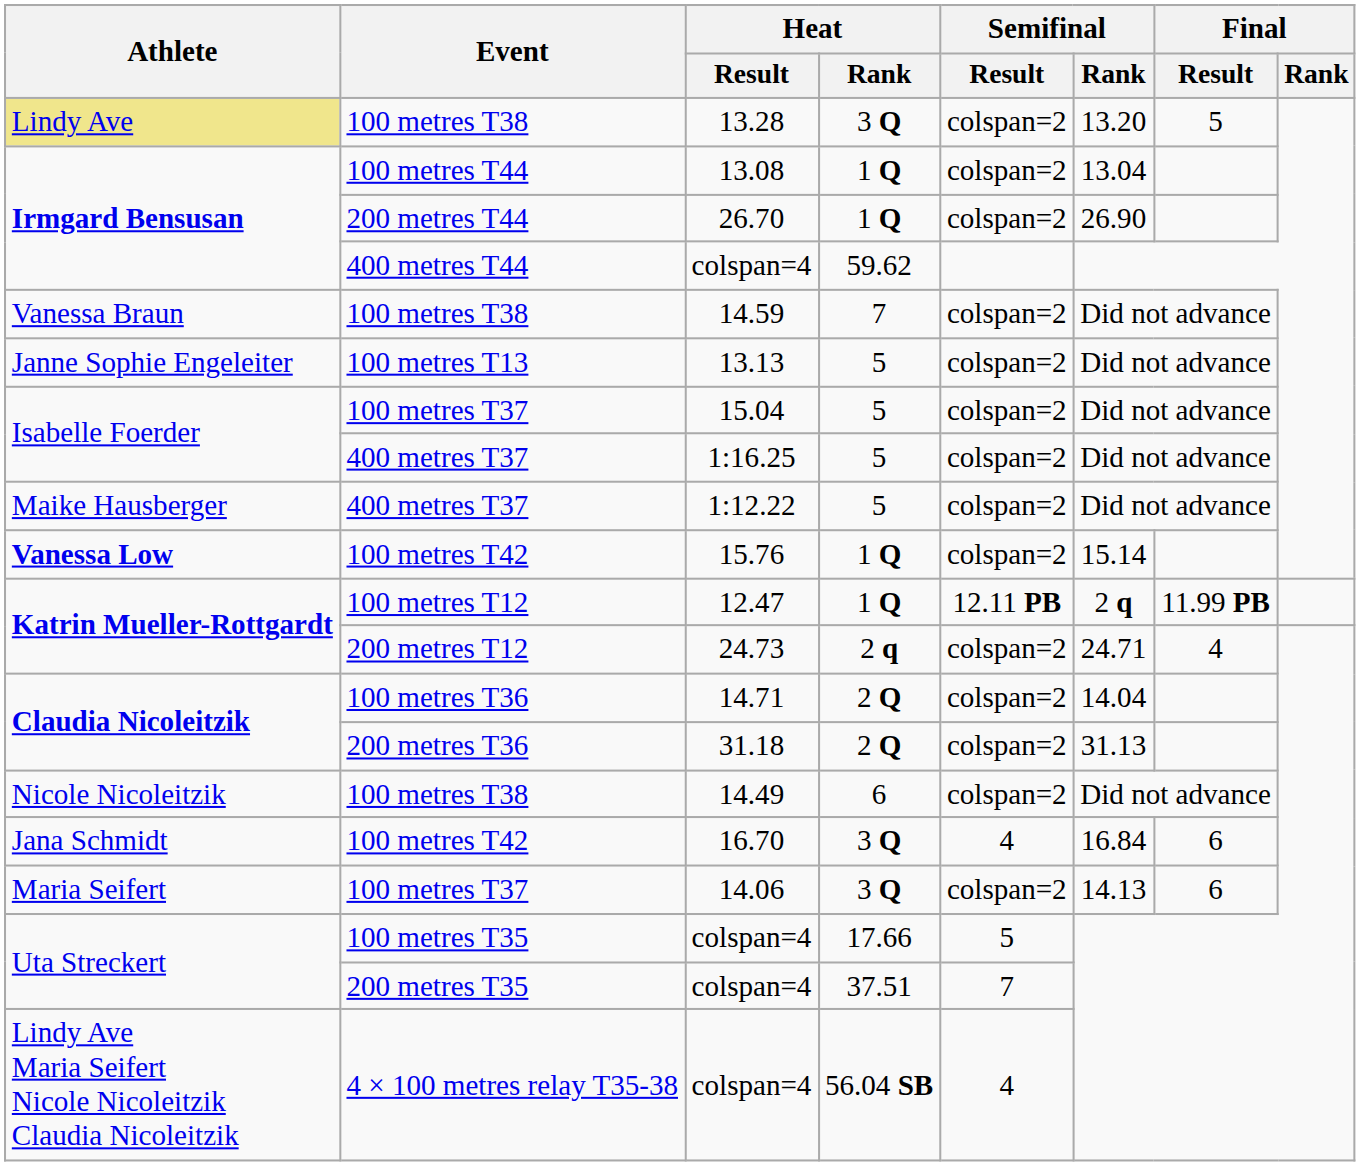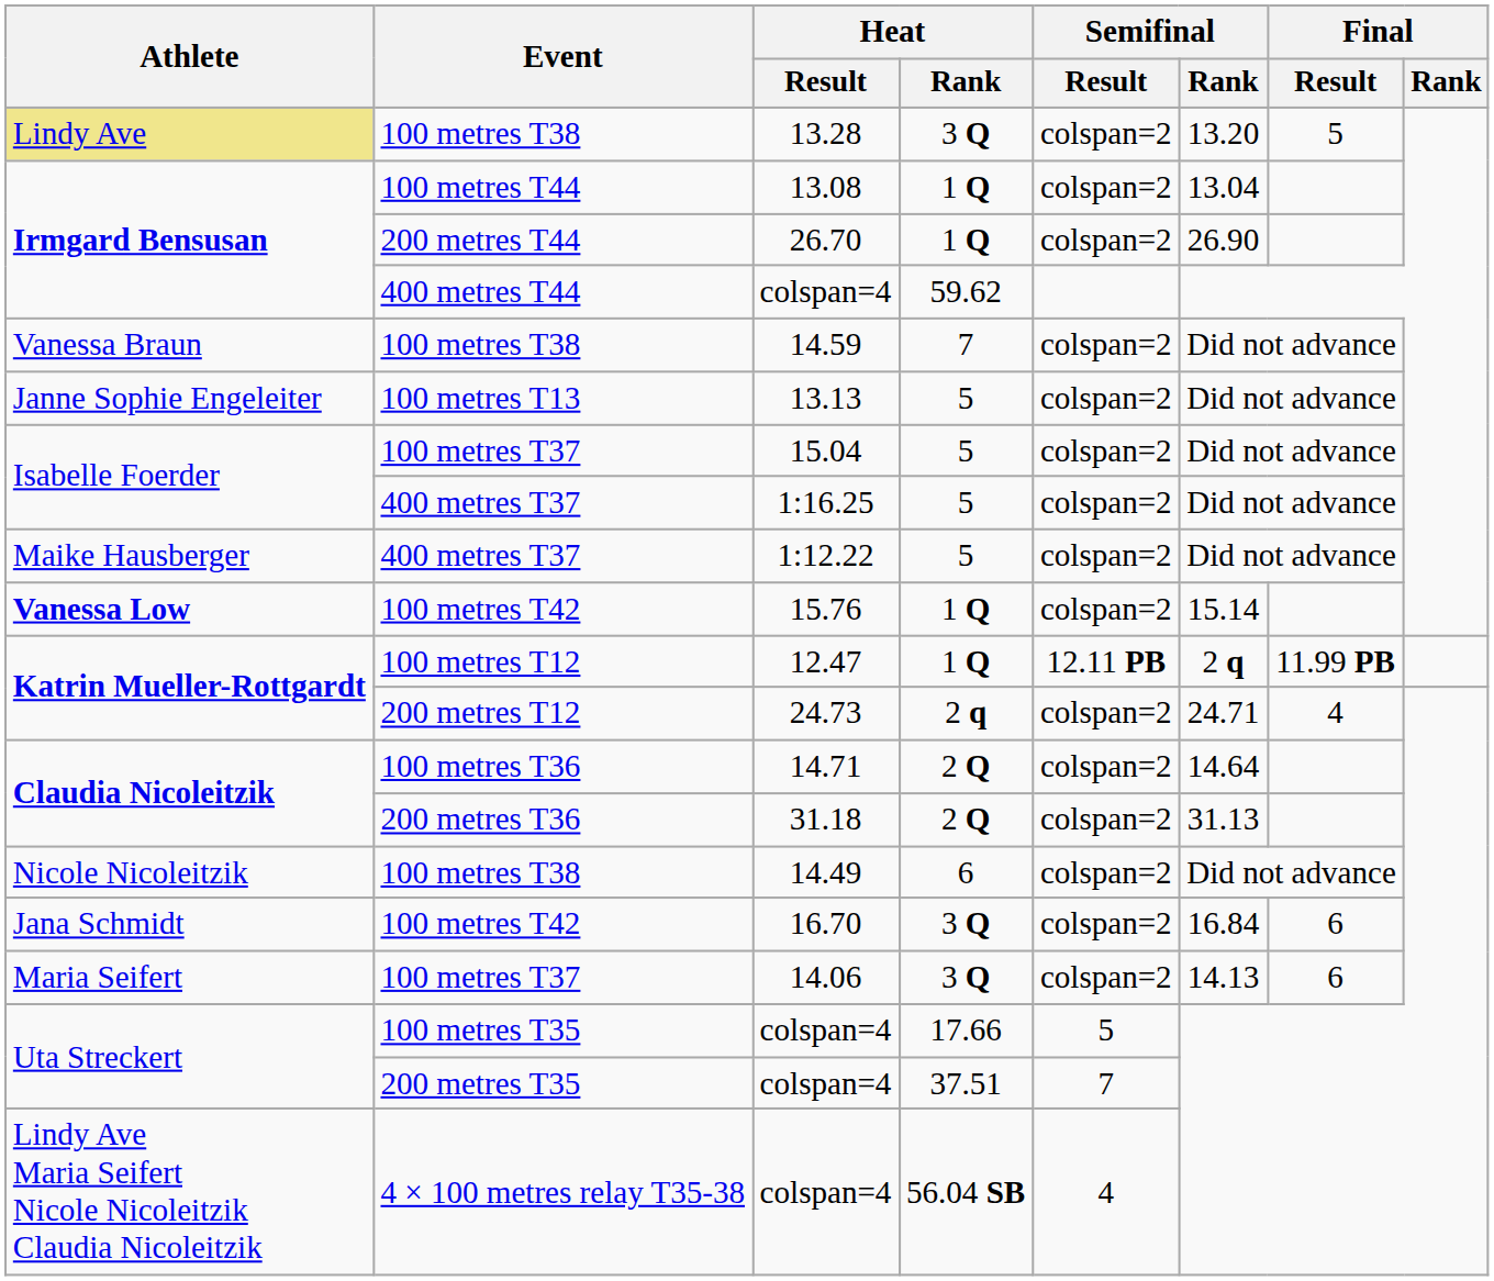 <table class="wikitable" style="font-size:90%">
 <tr>
 <th rowspan="2">Athlete</th>
 <th rowspan="2">Event</th>
 <th colspan="2">Heat</th>
 <th colspan="2">Semifinal</th>
 <th colspan="2">Final</th>
 </tr>
 <tr style="font-size:95%">
 <th>Result</th>
 <th>Rank</th>
 <th>Result</th>
 <th>Rank</th>
 <th>Result</th>
 <th>Rank</th>
 </tr>
 <tr align=center>
 <td align=left style="background: khaki;"><a href='#'>Lindy Ave</a></td>
 <td align=left><a href='#'>100 metres T38</a></td>
 <td>13.28</td>
 <td>3 <strong>Q</strong></td>
 <td>colspan=2</td>
 <td>13.20</td>
 <td>5</td>
 </tr>
 <tr align=center>
 <td align=left rowspan=3><strong><a href='#'>Irmgard Bensusan</a></strong></td>
 <td align=left><a href='#'>100 metres T44</a></td>
 <td>13.08</td>
 <td>1 <strong>Q</strong></td>
 <td>colspan=2</td>
 <td>13.04</td>
 <td></td>
 </tr>
 <tr align=center>
 <td align=left><a href='#'>200 metres T44</a></td>
 <td>26.70</td>
 <td>1 <strong>Q</strong></td>
 <td>colspan=2</td>
 <td>26.90</td>
 <td></td>
 </tr>
 <tr align=center>
 <td align=left><a href='#'>400 metres T44</a></td>
 <td>colspan=4</td>
 <td>59.62</td>
 <td></td>
 </tr>
 <tr align=center>
 <td align=left><a href='#'>Vanessa Braun</a></td>
 <td align=left><a href='#'>100 metres T38</a></td>
 <td>14.59</td>
 <td>7</td>
 <td>colspan=2</td>
 <td colspan=2>Did not advance</td>
 </tr>
 <tr align=center>
 <td align=left><a href='#'>Janne Sophie Engeleiter</a></td>
 <td align=left><a href='#'>100 metres T13</a></td>
 <td>13.13</td>
 <td>5</td>
 <td>colspan=2</td>
 <td colspan=2>Did not advance</td>
 </tr>
 <tr align=center>
 <td align=left rowspan=2><a href='#'>Isabelle Foerder</a></td>
 <td align=left><a href='#'>100 metres T37</a></td>
 <td>15.04</td>
 <td>5</td>
 <td>colspan=2</td>
 <td colspan=2>Did not advance</td>
 </tr>
 <tr align=center>
 <td align=left><a href='#'>400 metres T37</a></td>
 <td>1:16.25</td>
 <td>5</td>
 <td>colspan=2</td>
 <td colspan=2>Did not advance</td>
 </tr>
 <tr align=center>
 <td align=left><a href='#'>Maike Hausberger</a></td>
 <td align=left><a href='#'>400 metres T37</a></td>
 <td>1:12.22</td>
 <td>5</td>
 <td>colspan=2</td>
 <td colspan=2>Did not advance</td>
 </tr>
 <tr align=center>
 <td align=left><strong><a href='#'>Vanessa Low</a></strong></td>
 <td align=left><a href='#'>100 metres T42</a></td>
 <td>15.76</td>
 <td>1 <strong>Q</strong></td>
 <td>colspan=2</td>
 <td>15.14</td>
 <td></td>
 </tr>
 <tr align=center>
 <td align=left rowspan=2><strong><a href='#'>Katrin Mueller-Rottgardt</a></strong></td>
 <td align=left><a href='#'>100 metres T12</a></td>
 <td>12.47</td>
 <td>1 <strong>Q</strong></td>
 <td>12.11 <strong>PB</strong></td>
 <td>2 <strong>q</strong></td>
 <td>11.99 <strong>PB</strong></td>
 <td></td>
 </tr>
 <tr align=center>
 <td align=left><a href='#'>200 metres T12</a></td>
 <td>24.73</td>
 <td>2 <strong>q</strong></td>
 <td>colspan=2</td>
 <td>24.71</td>
 <td>4</td>
 </tr>
 <tr align=center>
 <td align=left rowspan=2><strong><a href='#'>Claudia Nicoleitzik</a></strong></td>
 <td align=left><a href='#'>100 metres T36</a></td>
 <td>14.71</td>
 <td>2 <strong>Q</strong></td>
 <td>colspan=2</td>
-<td>14.04</td>
+<td>14.64</td>
 <td></td>
 </tr>
 <tr align=center>
 <td align=left><a href='#'>200 metres T36</a></td>
 <td>31.18</td>
 <td>2 <strong>Q</strong></td>
 <td>colspan=2</td>
 <td>31.13</td>
 <td></td>
 </tr>
 <tr align=center>
 <td align=left><a href='#'>Nicole Nicoleitzik</a></td>
 <td align=left><a href='#'>100 metres T38</a></td>
 <td>14.49</td>
 <td>6</td>
 <td>colspan=2</td>
 <td colspan=2>Did not advance</td>
 </tr>
 <tr align=center>
 <td align=left><a href='#'>Jana Schmidt</a></td>
 <td align=left><a href='#'>100 metres T42</a></td>
 <td>16.70</td>
 <td>3 <strong>Q</strong></td>
-<td>4</td>
+<td>colspan=2</td>
 <td>16.84</td>
 <td>6</td>
 </tr>
 <tr align=center>
 <td align=left><a href='#'>Maria Seifert</a></td>
 <td align=left><a href='#'>100 metres T37</a></td>
 <td>14.06</td>
 <td>3 <strong>Q</strong></td>
 <td>colspan=2</td>
 <td>14.13</td>
 <td>6</td>
 </tr>
 <tr align=center>
 <td align=left rowspan=2><a href='#'>Uta Streckert</a></td>
 <td align=left><a href='#'>100 metres T35</a></td>
 <td>colspan=4</td>
 <td>17.66</td>
 <td>5</td>
 </tr>
 <tr align=center>
 <td align=left><a href='#'>200 metres T35</a></td>
 <td>colspan=4</td>
 <td>37.51</td>
 <td>7</td>
 </tr>
 <tr align=center>
 <td align=left><a href='#'>Lindy Ave</a><br><a href='#'>Maria Seifert</a><br><a href='#'>Nicole Nicoleitzik</a><br><a href='#'>Claudia Nicoleitzik</a></td>
 <td align=left><a href='#'>4 × 100 metres relay T35-38</a></td>
 <td>colspan=4</td>
 <td>56.04 <strong>SB</strong></td>
 <td>4</td>
 </tr>
 </table>
